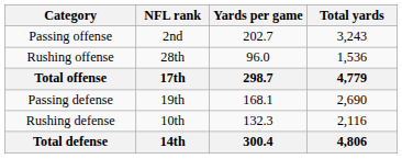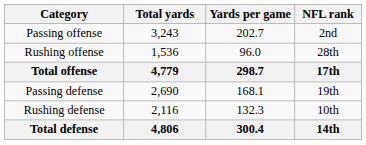 <table class="wikitable" style="text-align:center">
 <tr>
 <th width=150px>Category</th>
+<th width=100px>Total yards</th>
+<th width=110px>Yards per game</th>
 <th width=80px>NFL rank<br></th>
-<th width=110px>Yards per game</th>
-<th width=100px>Total yards</th>
 </tr>
 <tr>
 <td>Passing offense</td>
+<td>3,243</td>
+<td>202.7</td>
 <td>2nd</td>
-<td>202.7</td>
-<td>3,243</td>
 </tr>
 <tr>
 <td>Rushing offense</td>
+<td>1,536</td>
+<td>96.0</td>
 <td>28th</td>
-<td>96.0</td>
-<td>1,536</td>
 </tr>
 <tr>
 <th>Total offense</th>
+<th>4,779</th>
+<th>298.7</th>
 <th>17th</th>
-<th>298.7</th>
-<th>4,779</th>
 </tr>
 <tr>
 <td>Passing defense</td>
+<td>2,690</td>
+<td>168.1</td>
 <td>19th</td>
-<td>168.1</td>
-<td>2,690</td>
 </tr>
 <tr>
 <td>Rushing defense</td>
+<td>2,116</td>
+<td>132.3</td>
 <td>10th</td>
-<td>132.3</td>
-<td>2,116</td>
 </tr>
 <tr>
 <th>Total defense</th>
+<th>4,806</th>
+<th>300.4</th>
 <th>14th</th>
-<th>300.4</th>
-<th>4,806</th>
 </tr>
 </table>
